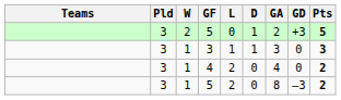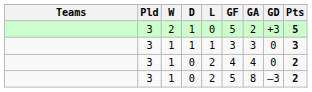 <table class="wikitable" style="text-align: center;">
 <tr>
 <th width=165>Teams</th>
 <th width=20>Pld</th>
 <th width=20>W</th>
+<th width=20>D</th>
+<th width=20>L</th>
 <th width=20>GF</th>
-<th width=20>L</th>
-<th width=20>D</th>
 <th width=20>GA</th>
 <th width=20>GD</th>
 <th width=20>Pts</th>
 </tr>
 <tr align=center style="background:#ccffcc;">
 <td style="text-align:left;"></td>
 <td>3</td>
 <td>2</td>
+<td>1</td>
+<td>0</td>
 <td>5</td>
-<td>0</td>
-<td>1</td>
 <td>2</td>
 <td>+3</td>
 <td><strong>5</strong></td>
 </tr>
 <tr align=center>
 <td style="text-align:left;"></td>
 <td>3</td>
 <td>1</td>
-<td>3</td>
 <td>1</td>
 <td>1</td>
+<td>3</td>
 <td>3</td>
 <td>0</td>
 <td><strong>3</strong></td>
 </tr>
 <tr align=center>
 <td style="text-align:left;"></td>
 <td>3</td>
 <td>1</td>
+<td>0</td>
+<td>2</td>
 <td>4</td>
-<td>2</td>
-<td>0</td>
 <td>4</td>
 <td>0</td>
 <td><strong>2</strong></td>
 </tr>
 <tr align=center>
 <td style="text-align:left;"></td>
 <td>3</td>
 <td>1</td>
+<td>0</td>
+<td>2</td>
 <td>5</td>
-<td>2</td>
-<td>0</td>
 <td>8</td>
 <td>–3</td>
 <td><strong>2</strong></td>
 </tr>
 </table>
